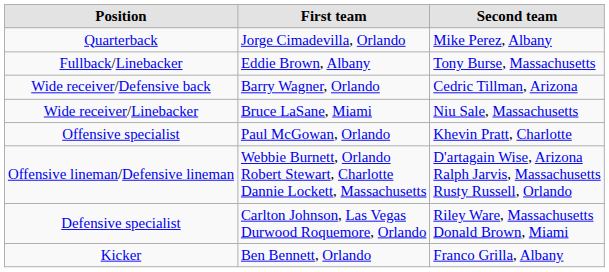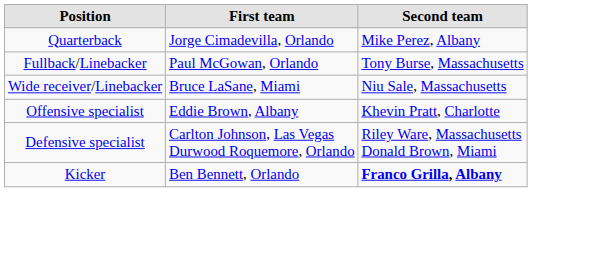 <table class="wikitable">
 <tr>
 <th style="background:#e3e3e3;">Position</th>
 <th style="background:#e3e3e3;">First team</th>
 <th style="background:#e3e3e3;">Second team</th>
 </tr>
 <tr>
 <td align=center><a href='#'>Quarterback</a></td>
 <td><a href='#'>Jorge Cimadevilla</a>, <a href='#'>Orlando</a></td>
 <td><a href='#'>Mike Perez</a>, <a href='#'>Albany</a></td>
 </tr>
 <tr>
 <td align=center><a href='#'>Fullback</a>/<a href='#'>Linebacker</a></td>
-<td><a href='#'>Eddie Brown</a>, <a href='#'>Albany</a></td>
+<td><a href='#'>Paul McGowan</a>, <a href='#'>Orlando</a></td>
 <td><a href='#'>Tony Burse</a>, <a href='#'>Massachusetts</a></td>
-</tr>
-<tr>
-<td align=center><a href='#'>Wide receiver</a>/<a href='#'>Defensive back</a></td>
-<td><a href='#'>Barry Wagner</a>, <a href='#'>Orlando</a></td>
-<td><a href='#'>Cedric Tillman</a>, <a href='#'>Arizona</a></td>
 </tr>
 <tr>
 <td align=center><a href='#'>Wide receiver</a>/<a href='#'>Linebacker</a></td>
 <td><a href='#'>Bruce LaSane</a>, <a href='#'>Miami</a></td>
 <td><a href='#'>Niu Sale</a>, <a href='#'>Massachusetts</a></td>
 </tr>
 <tr>
 <td align=center><a href='#'>Offensive specialist</a></td>
-<td><a href='#'>Paul McGowan</a>, <a href='#'>Orlando</a></td>
+<td><a href='#'>Eddie Brown</a>, <a href='#'>Albany</a></td>
 <td><a href='#'>Khevin Pratt</a>, <a href='#'>Charlotte</a></td>
-</tr>
-<tr>
-<td align=center><a href='#'>Offensive lineman</a>/<a href='#'>Defensive lineman</a></td>
-<td><a href='#'>Webbie Burnett</a>, <a href='#'>Orlando</a><br><a href='#'>Robert Stewart</a>, <a href='#'>Charlotte</a><br><a href='#'>Dannie Lockett</a>, <a href='#'>Massachusetts</a></td>
-<td><a href='#'>D'artagain Wise</a>, <a href='#'>Arizona</a><br><a href='#'>Ralph Jarvis</a>, <a href='#'>Massachusetts</a><br><a href='#'>Rusty Russell</a>, <a href='#'>Orlando</a></td>
 </tr>
 <tr>
 <td align=center><a href='#'>Defensive specialist</a></td>
 <td><a href='#'>Carlton Johnson</a>, <a href='#'>Las Vegas</a><br><a href='#'>Durwood Roquemore</a>, <a href='#'>Orlando</a></td>
 <td><a href='#'>Riley Ware</a>, <a href='#'>Massachusetts</a><br><a href='#'>Donald Brown</a>, <a href='#'>Miami</a></td>
 </tr>
 <tr>
 <td align=center><a href='#'>Kicker</a></td>
 <td><a href='#'>Ben Bennett</a>, <a href='#'>Orlando</a></td>
-<td><a href='#'>Franco Grilla</a>, <a href='#'>Albany</a></td>
+<td><strong><a href='#'>Franco Grilla</a>, <a href='#'>Albany</a></strong></td>
 </tr>
 </table>
